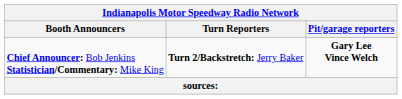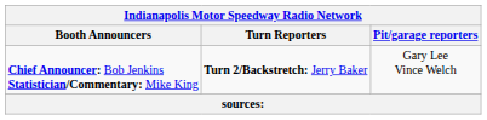 <table class="wikitable" style="font-size: 95%;">
 <tr>
 <th colspan=3><a href='#'>Indianapolis Motor Speedway Radio Network</a></th>
 </tr>
 <tr>
 <th>Booth Announcers</th>
 <th>Turn Reporters</th>
 <th><a href='#'>Pit/garage reporters</a></th>
 </tr>
 <tr>
 <td valign="top"><br><strong><a href='#'>Chief Announcer</a>:</strong> <a href='#'>Bob Jenkins</a><br> <strong><a href='#'>Statistician</a>/Commentary:</strong> <a href='#'>Mike King</a><br></td>
 <td valign="top"><br><strong>Turn 2/Backstretch:</strong> <a href='#'>Jerry Baker</a><br></td>
-<td align="center" valign="top"><strong>Gary Lee<br>Vince Welch<br></strong></td>
+<td align="center" valign="top">Gary Lee<br>Vince Welch<br></td>
 </tr>
 <tr>
 <th colspan=3>sources: </th>
 </tr>
 </table>
